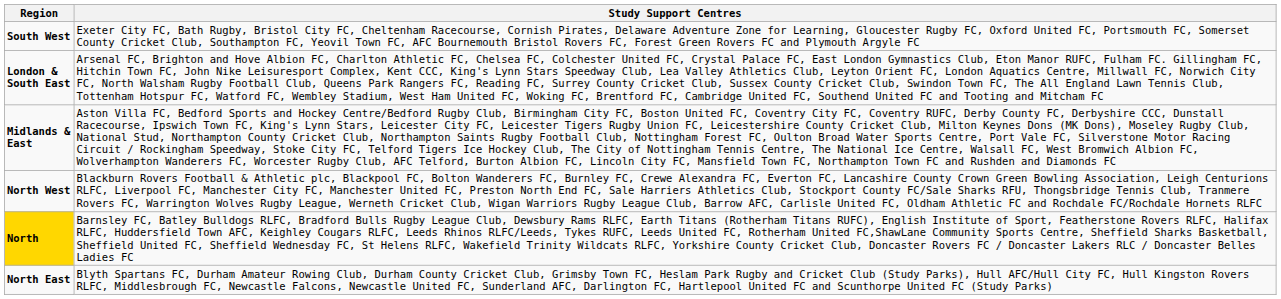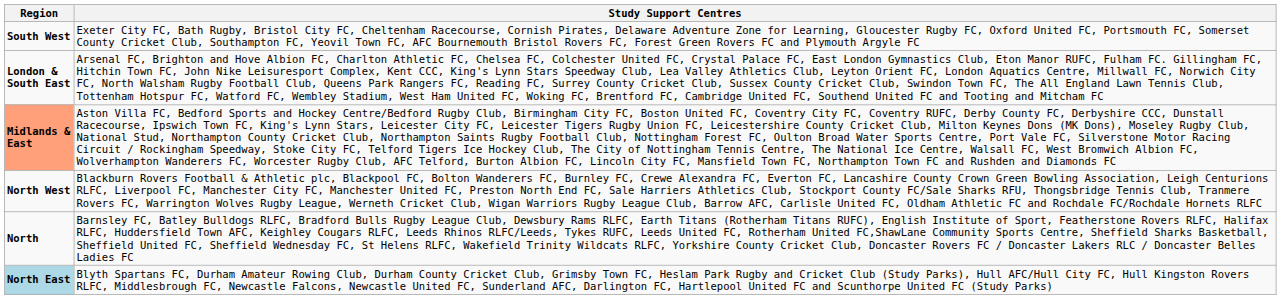 <table class="wikitable">
 <tr>
 <th>Region</th>
 <th>Study Support Centres</th>
 </tr>
 <tr>
 <td><strong>South West</strong></td>
 <td>Exeter City FC, Bath Rugby, Bristol City FC, Cheltenham Racecourse, Cornish Pirates, Delaware Adventure Zone for Learning, Gloucester Rugby FC, Oxford United FC, Portsmouth FC, Somerset County Cricket Club, Southampton FC, Yeovil Town FC, AFC Bournemouth Bristol Rovers FC, Forest Green Rovers FC and Plymouth Argyle FC</td>
 </tr>
 <tr>
 <td><strong>London & South East</strong></td>
 <td>Arsenal FC, Brighton and Hove Albion FC, Charlton Athletic FC, Chelsea FC, Colchester United FC, Crystal Palace FC, East London Gymnastics Club, Eton Manor RUFC, Fulham FC. Gillingham FC, Hitchin Town FC, John Nike Leisuresport Complex, Kent CCC, King's Lynn Stars Speedway Club, Lea Valley Athletics Club, Leyton Orient FC, London Aquatics Centre, Millwall FC, Norwich City FC, North Walsham Rugby Football Club, Queens Park Rangers FC, Reading FC, Surrey County Cricket Club, Sussex County Cricket Club, Swindon Town FC, The All England Lawn Tennis Club, Tottenham Hotspur FC, Watford FC, Wembley Stadium, West Ham United FC, Woking FC, Brentford FC, Cambridge United FC, Southend United FC and Tooting and Mitcham FC</td>
 </tr>
 <tr>
-<td><strong>Midlands & East</strong></td>
+<td style="background: lightsalmon;"><strong>Midlands & East</strong></td>
 <td>Aston Villa FC, Bedford Sports and Hockey Centre/Bedford Rugby Club, Birmingham City FC, Boston United FC, Coventry City FC, Coventry RUFC, Derby County FC, Derbyshire CCC, Dunstall Racecourse, Ipswich Town FC, King's Lynn Stars, Leicester City FC, Leicester Tigers Rugby Union FC, Leicestershire County Cricket Club, Milton Keynes Dons (MK Dons), Moseley Rugby Club, National Stud, Northampton County Cricket Club, Northampton Saints Rugby Football Club, Nottingham Forest FC, Oulton Broad Water Sports Centre, Port Vale FC, Silverstone Motor Racing Circuit / Rockingham Speedway, Stoke City FC, Telford Tigers Ice Hockey Club, The City of Nottingham Tennis Centre, The National Ice Centre, Walsall FC, West Bromwich Albion FC, Wolverhampton Wanderers FC, Worcester Rugby Club, AFC Telford, Burton Albion FC, Lincoln City FC, Mansfield Town FC, Northampton Town FC and Rushden and Diamonds FC</td>
 </tr>
 <tr>
 <td><strong>North West</strong></td>
 <td>Blackburn Rovers Football & Athletic plc, Blackpool FC, Bolton Wanderers FC, Burnley FC, Crewe Alexandra FC, Everton FC, Lancashire County Crown Green Bowling Association, Leigh Centurions RLFC, Liverpool FC, Manchester City FC, Manchester United FC, Preston North End FC, Sale Harriers Athletics Club, Stockport County FC/Sale Sharks RFU, Thongsbridge Tennis Club, Tranmere Rovers FC, Warrington Wolves Rugby League, Werneth Cricket Club, Wigan Warriors Rugby League Club, Barrow AFC, Carlisle United FC, Oldham Athletic FC and Rochdale FC/Rochdale Hornets RLFC</td>
 </tr>
 <tr>
-<td style="background: gold;"><strong>North</strong></td>
+<td><strong>North</strong></td>
 <td>Barnsley FC, Batley Bulldogs RLFC, Bradford Bulls Rugby League Club, Dewsbury Rams RLFC, Earth Titans (Rotherham Titans RUFC), English Institute of Sport, Featherstone Rovers RLFC, Halifax RLFC, Huddersfield Town AFC, Keighley Cougars RLFC, Leeds Rhinos RLFC/Leeds, Tykes RUFC, Leeds United FC, Rotherham United FC,ShawLane Community Sports Centre, Sheffield Sharks Basketball, Sheffield United FC, Sheffield Wednesday FC, St Helens RLFC, Wakefield Trinity Wildcats RLFC, Yorkshire County Cricket Club, Doncaster Rovers FC / Doncaster Lakers RLC / Doncaster Belles Ladies FC</td>
 </tr>
 <tr>
-<td><strong>North East</strong></td>
+<td style="background: lightblue;"><strong>North East</strong></td>
 <td>Blyth Spartans FC, Durham Amateur Rowing Club, Durham County Cricket Club, Grimsby Town FC, Heslam Park Rugby and Cricket Club (Study Parks), Hull AFC/Hull City FC, Hull Kingston Rovers RLFC, Middlesbrough FC, Newcastle Falcons, Newcastle United FC, Sunderland AFC, Darlington FC, Hartlepool United FC and Scunthorpe United FC (Study Parks)</td>
 </tr>
 </table>
